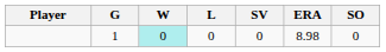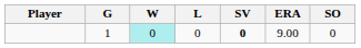 <table class="wikitable sortable">
 <tr>
 <th bgcolor="#DDDDFF" width="16%">Player</th>
 <th bgcolor="#DDDDFF" width="9%">G</th>
 <th bgcolor="#DDDDFF" width="9%">W</th>
 <th bgcolor="#DDDDFF" width="9%">L</th>
 <th bgcolor="#DDDDFF" width="9%">SV</th>
 <th bgcolor="#DDDDFF" width="9%">ERA</th>
 <th bgcolor="#DDDDFF" width="9%">SO</th>
 </tr>
 <tr align="center">
 <td></td>
 <td>1</td>
 <td style="background: paleturquoise;">0</td>
 <td>0</td>
-<td>0</td>
-<td>8.98</td>
+<td><strong>0</strong></td>
+<td>9.00</td>
 <td>0</td>
 </tr>
 </table>
